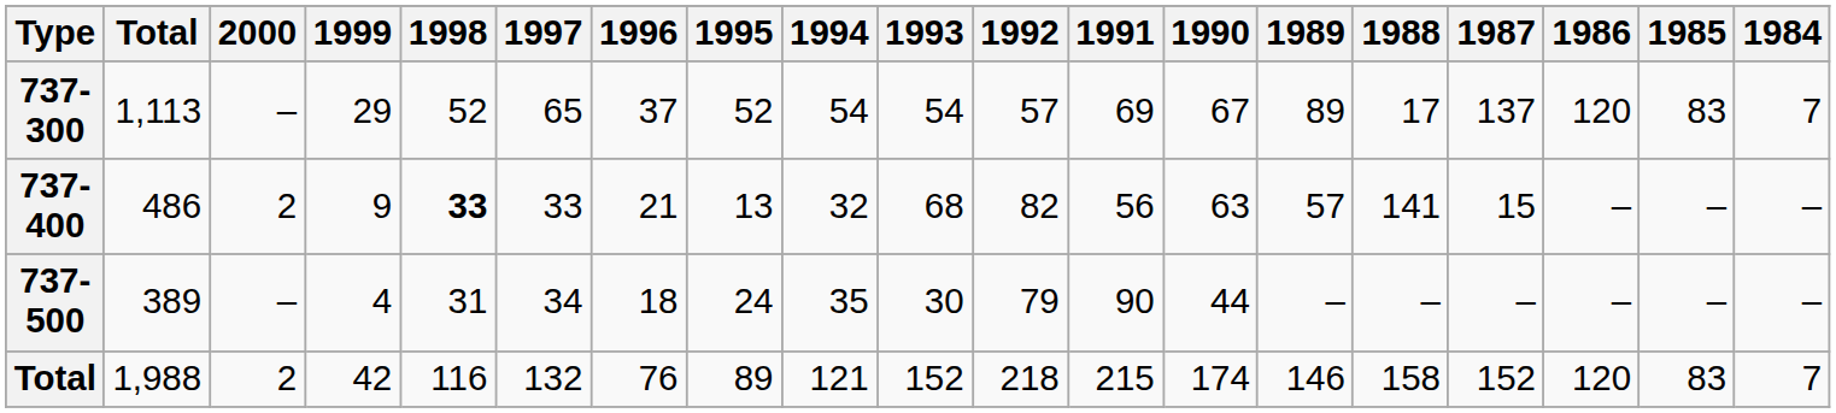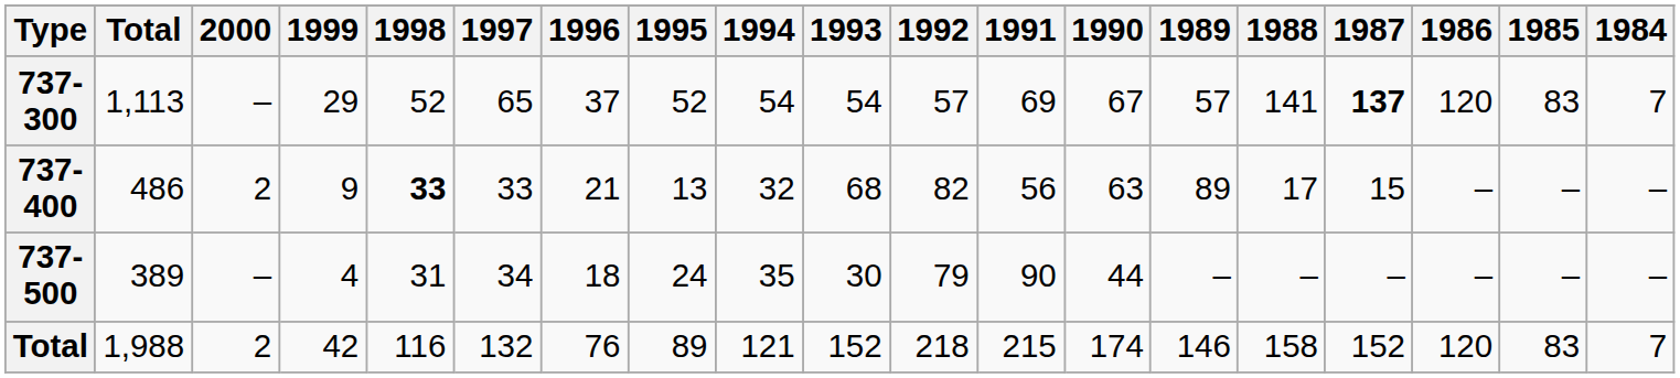 <table class="wikitable" style="text-align:right">
 <tr>
 </tr>
 <tr>
 <th>Type</th>
 <th>Total</th>
 <th>2000</th>
 <th>1999</th>
 <th>1998</th>
 <th>1997</th>
 <th>1996</th>
 <th>1995</th>
 <th>1994</th>
 <th>1993</th>
 <th>1992</th>
 <th>1991</th>
 <th>1990</th>
 <th>1989</th>
 <th>1988</th>
 <th>1987</th>
 <th>1986</th>
 <th>1985</th>
 <th>1984</th>
 </tr>
 <tr>
 <th>737-300</th>
 <td>1,113</td>
 <td>–</td>
 <td>29</td>
 <td>52</td>
 <td>65</td>
 <td>37</td>
 <td>52</td>
 <td>54</td>
 <td>54</td>
 <td>57</td>
 <td>69</td>
 <td>67</td>
-<td>89</td>
-<td>17</td>
-<td>137</td>
+<td>57</td>
+<td>141</td>
+<td><strong>137</strong></td>
 <td>120</td>
 <td>83</td>
 <td>7</td>
 </tr>
 <tr>
 <th>737-400</th>
 <td>486</td>
 <td>2</td>
 <td>9</td>
 <td><strong>33</strong></td>
 <td>33</td>
 <td>21</td>
 <td>13</td>
 <td>32</td>
 <td>68</td>
 <td>82</td>
 <td>56</td>
 <td>63</td>
-<td>57</td>
-<td>141</td>
+<td>89</td>
+<td>17</td>
 <td>15</td>
 <td>–</td>
 <td>–</td>
 <td>–</td>
 </tr>
 <tr>
 <th>737-500</th>
 <td>389</td>
 <td>–</td>
 <td>4</td>
 <td>31</td>
 <td>34</td>
 <td>18</td>
 <td>24</td>
 <td>35</td>
 <td>30</td>
 <td>79</td>
 <td>90</td>
 <td>44</td>
 <td>–</td>
 <td>–</td>
 <td>–</td>
 <td>–</td>
 <td>–</td>
 <td>–</td>
 </tr>
 <tr>
 <th>Total</th>
 <td>1,988</td>
 <td>2</td>
 <td>42</td>
 <td>116</td>
 <td>132</td>
 <td>76</td>
 <td>89</td>
 <td>121</td>
 <td>152</td>
 <td>218</td>
 <td>215</td>
 <td>174</td>
 <td>146</td>
 <td>158</td>
 <td>152</td>
 <td>120</td>
 <td>83</td>
 <td>7</td>
 </tr>
 </table>
